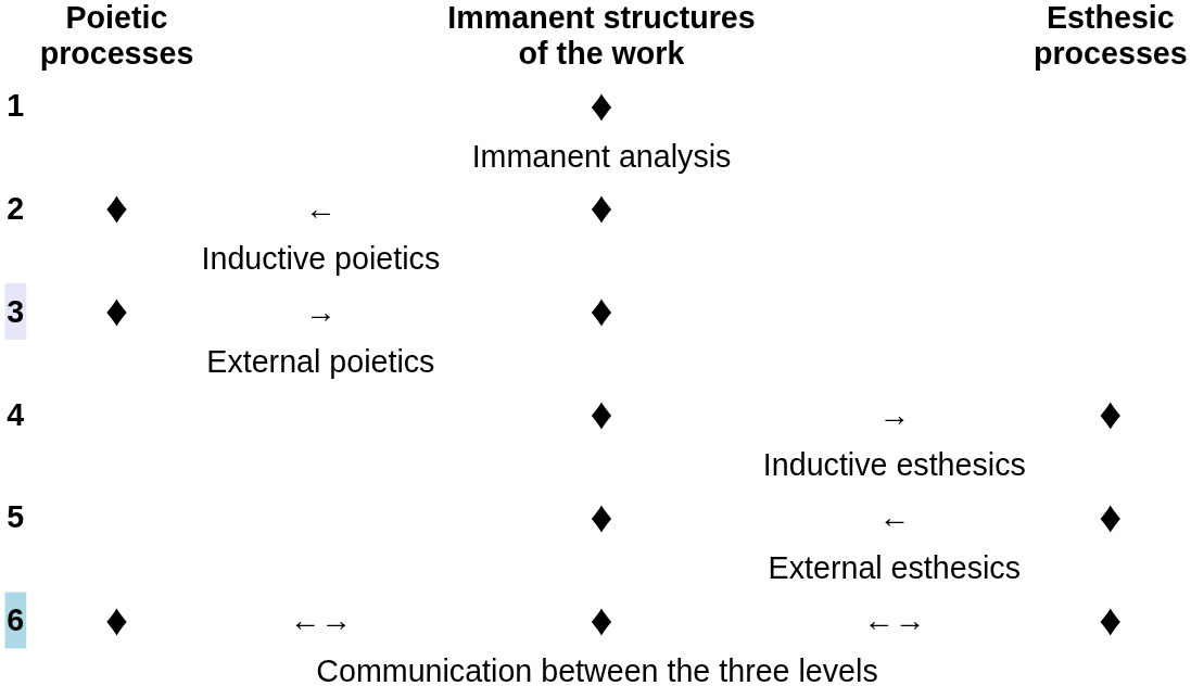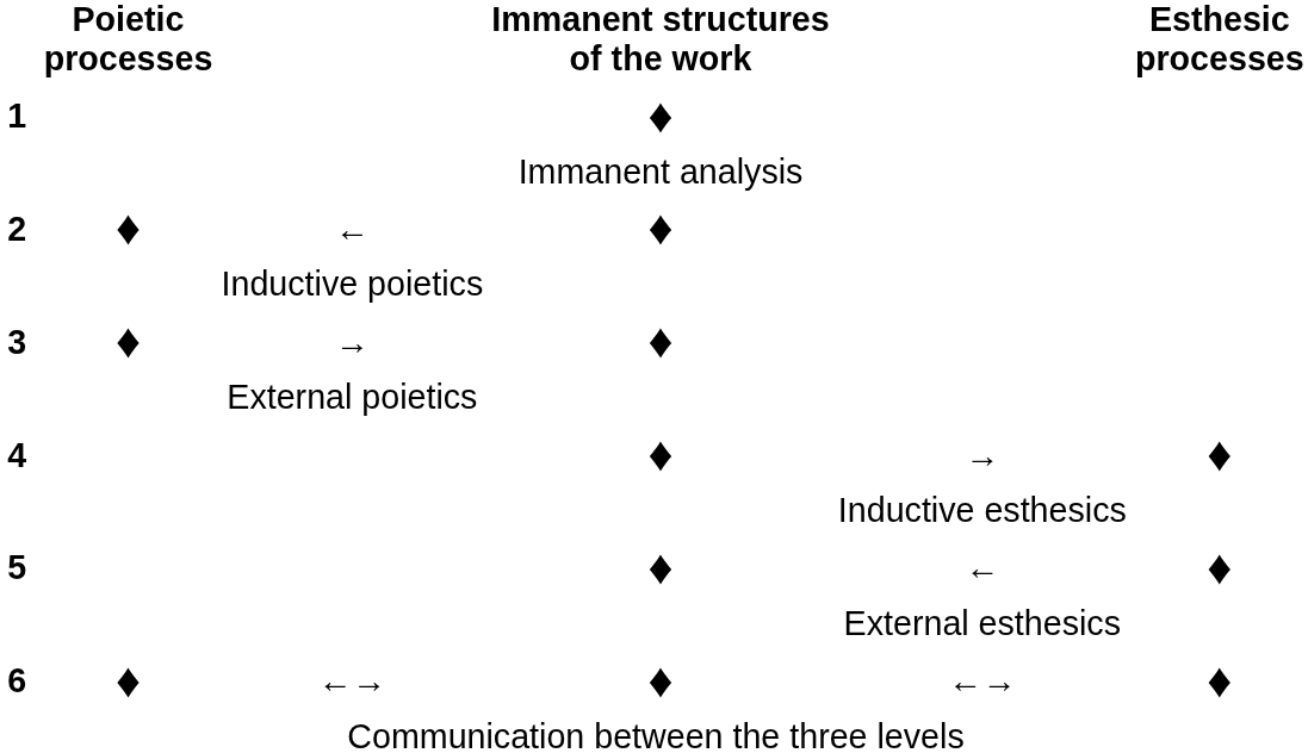 <table style="text-align: center; border: none;">
 <tr>
 <td></td>
 <td></td>
 <td><strong>Poietic<br>processes</strong></td>
 <td></td>
 <td><strong>Immanent structures<br> of the work</strong></td>
 <td></td>
 <td><strong>Esthesic<br>processes</strong></td>
 </tr>
 <tr>
 <td><strong>1</strong></td>
 <td></td>
 <td></td>
 <td></td>
 <td><big><big>♦</big></big></td>
 <td></td>
 <td></td>
 </tr>
 <tr>
 <td></td>
 <td></td>
 <td></td>
 <td></td>
 <td>Immanent analysis</td>
 <td></td>
 <td></td>
 </tr>
 <tr>
 <td><strong>2</strong></td>
 <td></td>
 <td><big><big>♦</big></big></td>
 <td>←</td>
 <td><big><big>♦</big></big></td>
 <td></td>
 <td></td>
 </tr>
 <tr>
 <td></td>
 <td></td>
 <td></td>
 <td>Inductive poietics</td>
 <td></td>
 <td></td>
 <td></td>
 </tr>
 <tr>
-<td style="background: lavender;"><strong>3</strong></td>
+<td><strong>3</strong></td>
 <td></td>
 <td><big><big>♦</big></big></td>
 <td>→</td>
 <td><big><big>♦</big></big></td>
 <td></td>
 <td></td>
 </tr>
 <tr>
 <td></td>
 <td></td>
 <td></td>
 <td>External poietics</td>
 <td></td>
 <td></td>
 <td></td>
 </tr>
 <tr>
 <td><strong>4</strong></td>
 <td></td>
 <td></td>
 <td></td>
 <td><big><big>♦</big></big></td>
 <td>→</td>
 <td><big><big>♦</big></big></td>
 </tr>
 <tr>
 <td></td>
 <td></td>
 <td></td>
 <td></td>
 <td></td>
 <td>Inductive esthesics</td>
 <td></td>
 </tr>
 <tr>
 <td><strong>5</strong></td>
 <td></td>
 <td></td>
 <td></td>
 <td><big><big>♦</big></big></td>
 <td>←</td>
 <td><big><big>♦</big></big></td>
 </tr>
 <tr>
 <td></td>
 <td></td>
 <td></td>
 <td></td>
 <td></td>
 <td>External esthesics</td>
 </tr>
 <tr>
-<td style="background: lightblue;"><strong>6</strong></td>
+<td><strong>6</strong></td>
 <td></td>
 <td><big><big>♦</big></big></td>
 <td>←→</td>
 <td><big><big>♦</big></big></td>
 <td>←→</td>
 <td><big><big>♦</big></big></td>
 </tr>
 <tr>
 <td colspan=7>Communication between the three levels</td>
 </tr>
 </table>
